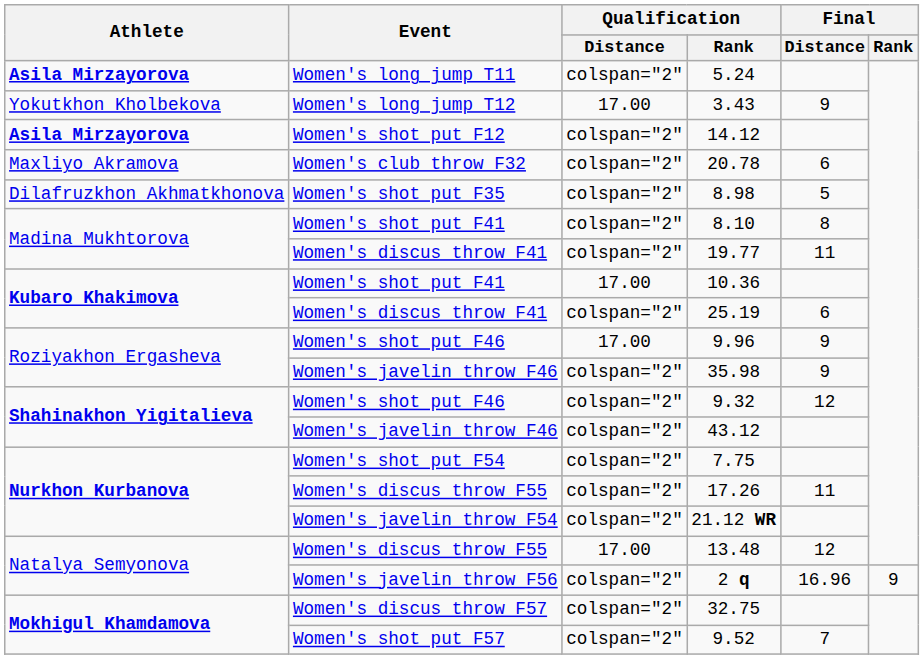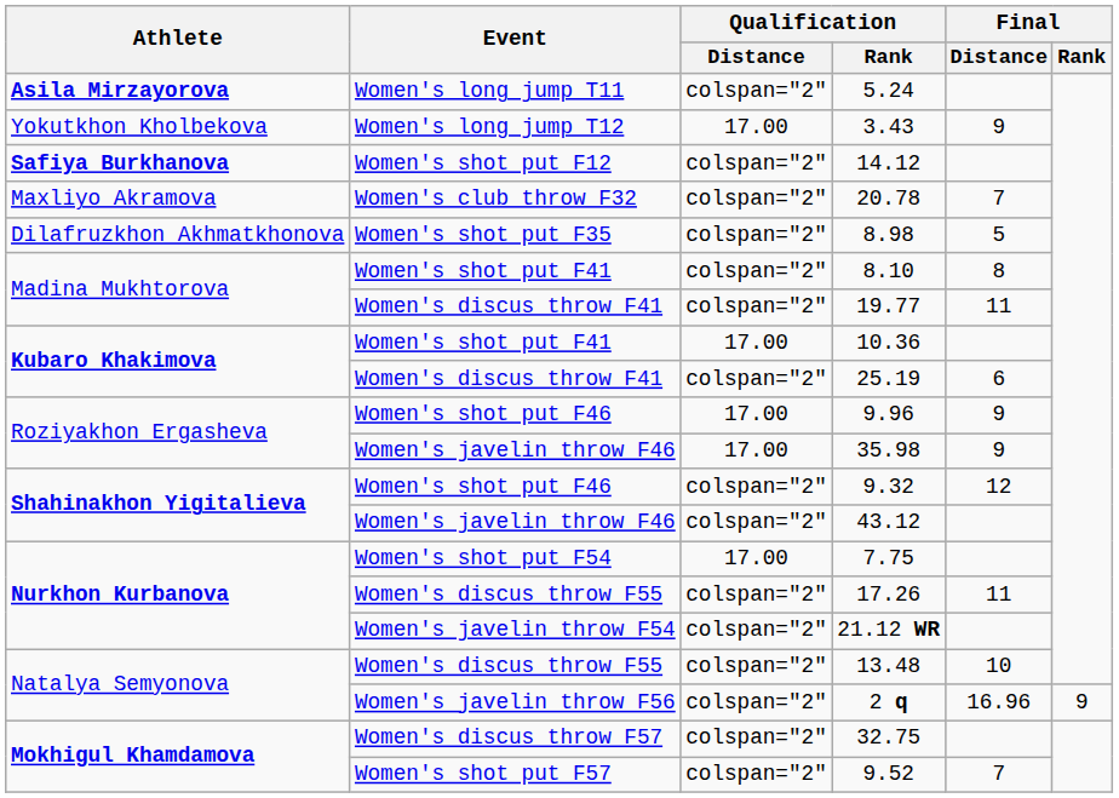 <table class=wikitable style="font-size:90%">
 <tr>
 <th rowspan="2">Athlete</th>
 <th rowspan="2">Event</th>
 <th colspan="2">Qualification</th>
 <th colspan="2">Final</th>
 </tr>
 <tr style="font-size:95%">
 <th>Distance</th>
 <th>Rank</th>
 <th>Distance</th>
 <th>Rank</th>
 </tr>
 <tr align=center>
 <td align=left><strong><a href='#'>Asila Mirzayorova</a></strong></td>
 <td align=left><a href='#'>Women's long jump T11</a></td>
 <td>colspan="2" </td>
 <td>5.24</td>
 <td></td>
 </tr>
 <tr align=center>
 <td align="left"><a href='#'>Yokutkhon Kholbekova</a></td>
 <td align=left><a href='#'>Women's long jump T12</a></td>
 <td>17.00</td>
 <td>3.43</td>
 <td>9</td>
 </tr>
 <tr align="center">
-<td align=left><strong><a href='#'>Asila Mirzayorova</a></strong></td>
+<td align="left"><strong><a href='#'>Safiya Burkhanova</a></strong></td>
 <td align="left"><a href='#'>Women's shot put F12</a></td>
 <td>colspan="2" </td>
 <td>14.12</td>
 <td></td>
 </tr>
 <tr align="center">
 <td align="left"><a href='#'>Maxliyo Akramova</a></td>
 <td align="left"><a href='#'>Women's club throw F32</a></td>
 <td>colspan="2" </td>
 <td>20.78</td>
-<td>6</td>
+<td>7</td>
 </tr>
 <tr align="center">
 <td align="left"><a href='#'>Dilafruzkhon Akhmatkhonova</a></td>
 <td align="left"><a href='#'>Women's shot put F35</a></td>
 <td>colspan="2" </td>
 <td>8.98</td>
 <td>5</td>
 </tr>
 <tr align="center">
 <td rowspan="2" align="left"><a href='#'>Madina Mukhtorova</a></td>
 <td align="left"><a href='#'>Women's shot put F41</a></td>
 <td>colspan="2" </td>
 <td>8.10</td>
 <td>8</td>
 </tr>
 <tr align="center">
 <td align="left"><a href='#'>Women's discus throw F41</a></td>
 <td>colspan="2" </td>
 <td>19.77</td>
 <td>11</td>
 </tr>
 <tr align="center">
 <td rowspan="2" align="left"><strong><a href='#'>Kubaro Khakimova</a></strong></td>
 <td align="left"><a href='#'>Women's shot put F41</a></td>
 <td>17.00</td>
 <td>10.36</td>
 <td></td>
 </tr>
 <tr align="center">
 <td align="left"><a href='#'>Women's discus throw F41</a></td>
 <td>colspan="2" </td>
 <td>25.19</td>
 <td>6</td>
 </tr>
 <tr align="center">
 <td rowspan="2" align="left"><a href='#'>Roziyakhon Ergasheva</a></td>
 <td align="left"><a href='#'>Women's shot put F46</a></td>
 <td>17.00</td>
 <td>9.96</td>
 <td>9</td>
 </tr>
 <tr align="center">
 <td align="left"><a href='#'>Women's javelin throw F46</a></td>
-<td>colspan="2" </td>
+<td>17.00</td>
 <td>35.98</td>
 <td>9</td>
 </tr>
 <tr align="center">
 <td rowspan="2" align="left"><strong><a href='#'>Shahinakhon Yigitalieva</a></strong></td>
 <td align="left"><a href='#'>Women's shot put F46</a></td>
 <td>colspan="2" </td>
 <td>9.32</td>
 <td>12</td>
 </tr>
 <tr align="center">
 <td align="left"><a href='#'>Women's javelin throw F46</a></td>
 <td>colspan="2" </td>
 <td>43.12</td>
 <td></td>
 </tr>
 <tr align="center">
 <td rowspan="3" align="left"><strong><a href='#'>Nurkhon Kurbanova</a></strong></td>
 <td align="left"><a href='#'>Women's shot put F54</a></td>
-<td>colspan="2" </td>
+<td>17.00</td>
 <td>7.75</td>
 <td></td>
 </tr>
 <tr align="center">
 <td align="left"><a href='#'>Women's discus throw F55</a></td>
 <td>colspan="2" </td>
 <td>17.26</td>
 <td>11</td>
 </tr>
 <tr align="center">
 <td align="left"><a href='#'>Women's javelin throw F54</a></td>
 <td>colspan="2" </td>
 <td>21.12 <strong>WR</strong></td>
 <td></td>
 </tr>
 <tr align="center">
 <td rowspan="2" align="left"><a href='#'>Natalya Semyonova</a></td>
 <td align="left"><a href='#'>Women's discus throw F55</a></td>
-<td>17.00</td>
+<td>colspan="2" </td>
 <td>13.48</td>
-<td>12</td>
+<td>10</td>
 </tr>
 <tr align="center">
 <td align="left"><a href='#'>Women's javelin throw F56</a></td>
 <td>colspan="2" </td>
 <td>2 <strong>q</strong></td>
 <td>16.96</td>
 <td>9</td>
 </tr>
 <tr align="center">
 <td rowspan="2" align="left"><strong><a href='#'>Mokhigul Khamdamova</a></strong></td>
 <td align="left"><a href='#'>Women's discus throw F57</a></td>
 <td>colspan="2" </td>
 <td>32.75</td>
 <td></td>
 </tr>
 <tr align="center">
 <td align="left"><a href='#'>Women's shot put F57</a></td>
 <td>colspan="2" </td>
 <td>9.52</td>
 <td>7</td>
 </tr>
 </table>
